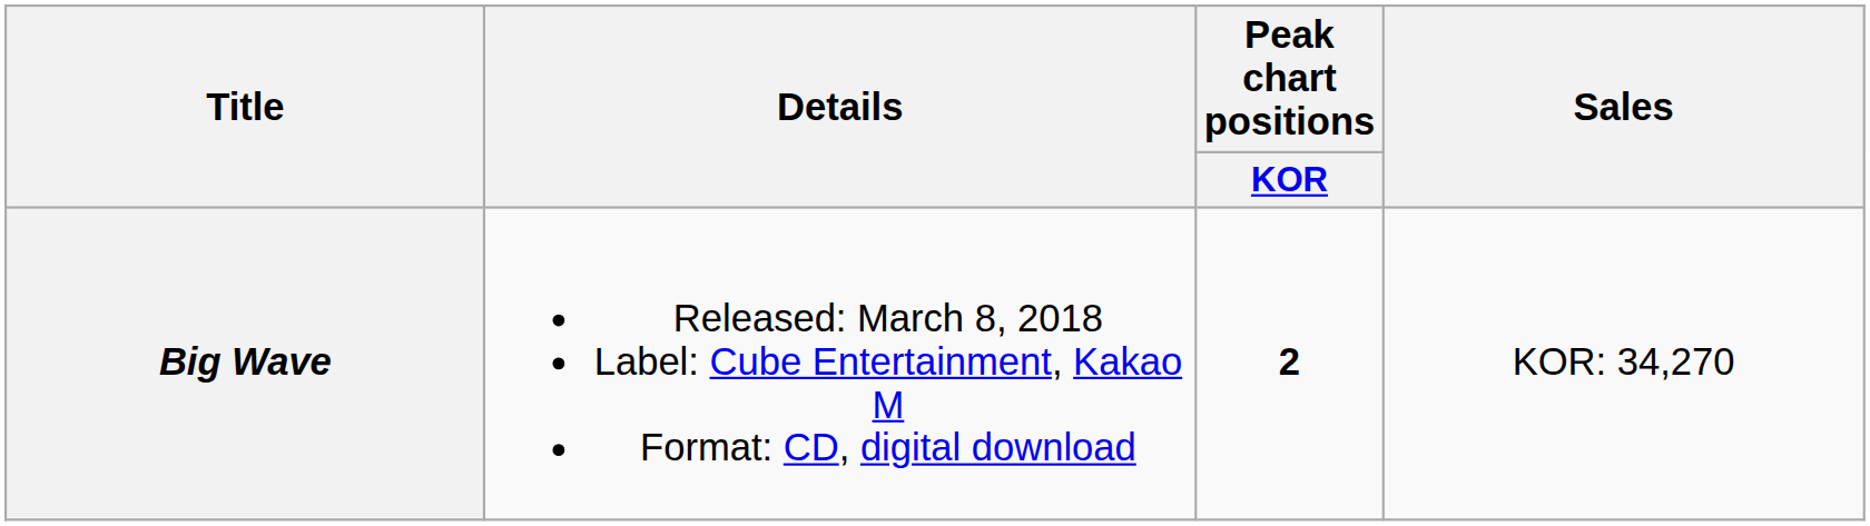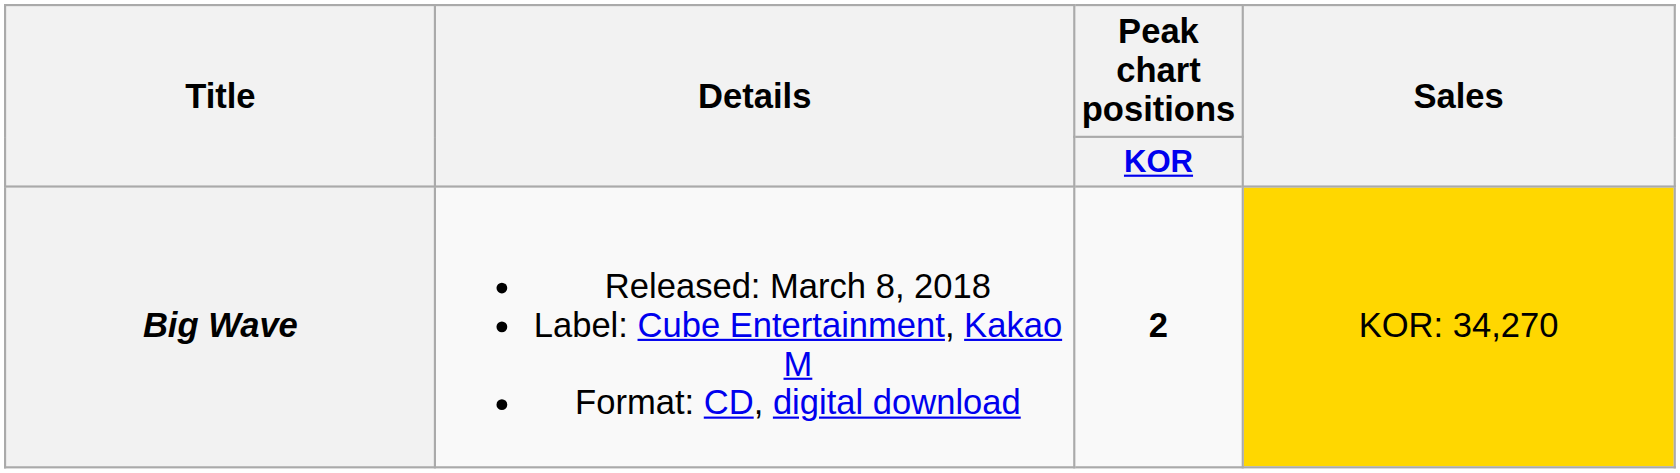 <table class="wikitable plainrowheaders" style="text-align:center;">
 <tr>
 <th rowspan="2" style="width:12em;">Title</th>
 <th rowspan="2" style="width:18em;">Details</th>
 <th>Peak chart positions</th>
 <th rowspan="2" style="width:12em;">Sales</th>
 </tr>
 <tr>
 <th scope="col" style="width:3em;font-size:90%;"><a href='#'>KOR</a><br></th>
 </tr>
 <tr>
 <th scope="row"><em>Big Wave</em></th>
 <td><br><ul><li>Released: March 8, 2018</li><li>Label: <a href='#'>Cube Entertainment</a>, <a href='#'>Kakao M</a></li><li>Format: <a href='#'>CD</a>, <a href='#'>digital download</a></li></ul></td>
 <td><strong>2</strong></td>
-<td>KOR: 34,270</td>
+<td style="background: gold;">KOR: 34,270</td>
 </tr>
 </table>
